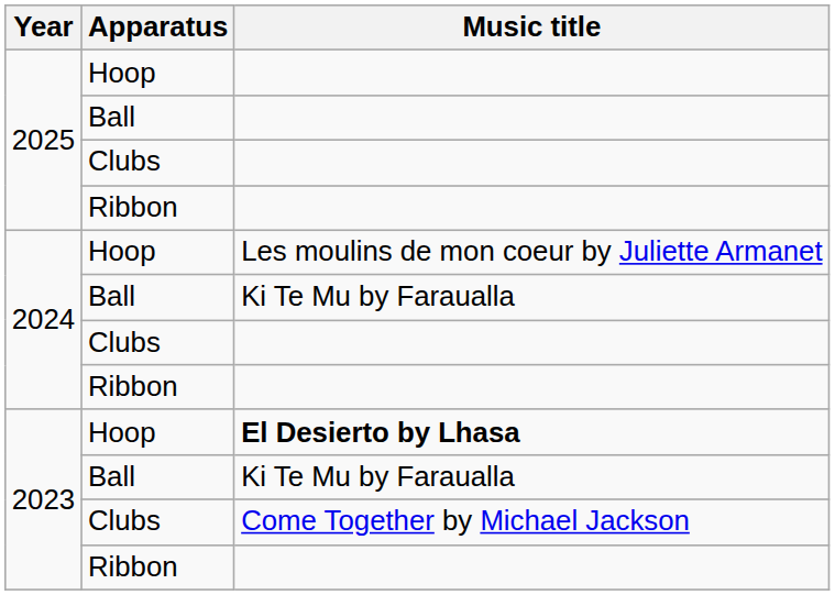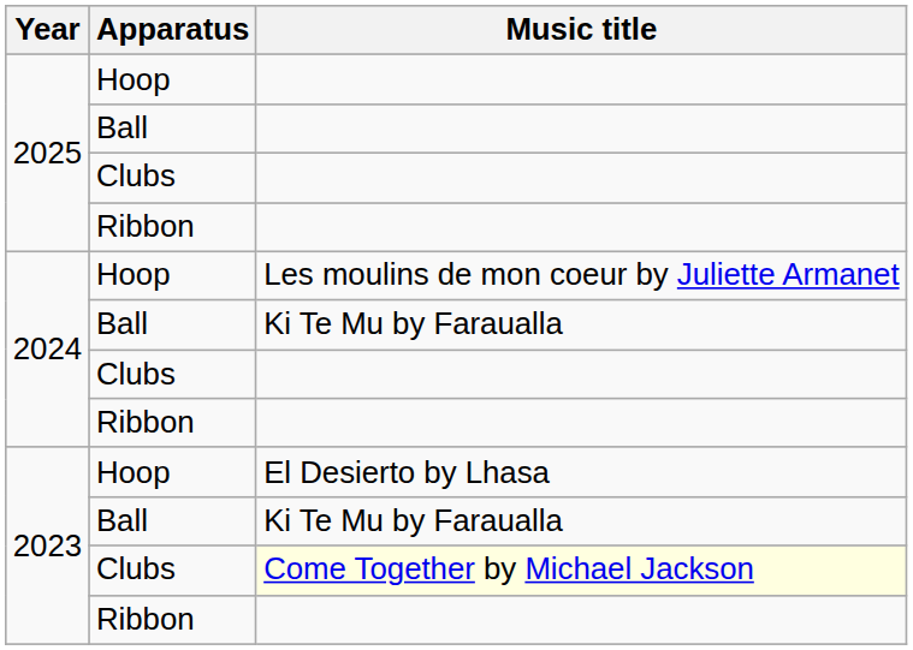 <table class="wikitable">
 <tr>
 <th>Year</th>
 <th>Apparatus</th>
 <th>Music title</th>
 </tr>
 <tr>
 <td rowspan="4">2025</td>
 <td>Hoop</td>
 <td></td>
 </tr>
 <tr>
 <td>Ball</td>
 <td></td>
 </tr>
 <tr>
 <td>Clubs</td>
 <td></td>
 </tr>
 <tr>
 <td>Ribbon</td>
 <td></td>
 </tr>
 <tr>
 <td rowspan="4">2024</td>
 <td>Hoop</td>
 <td>Les moulins de mon coeur by <a href='#'>Juliette Armanet</a></td>
 </tr>
 <tr>
 <td>Ball</td>
 <td>Ki Te Mu by Faraualla</td>
 </tr>
 <tr>
 <td>Clubs</td>
 <td></td>
 </tr>
 <tr>
 <td>Ribbon</td>
 <td></td>
 </tr>
 <tr>
 <td rowspan="4">2023</td>
 <td>Hoop</td>
-<td><strong>El Desierto by Lhasa</strong></td>
+<td>El Desierto by Lhasa</td>
 </tr>
 <tr>
 <td>Ball</td>
 <td>Ki Te Mu by Faraualla</td>
 </tr>
 <tr>
 <td>Clubs</td>
-<td><a href='#'>Come Together</a> by <a href='#'>Michael Jackson</a></td>
+<td style="background: lightyellow;"><a href='#'>Come Together</a> by <a href='#'>Michael Jackson</a></td>
 </tr>
 <tr>
 <td>Ribbon</td>
 <td></td>
 </tr>
 </table>
